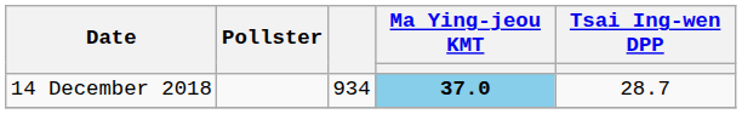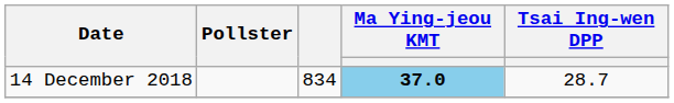 <table class="wikitable sortable collapsible" style="font-size:95%; text-align:center">
 <tr>
 <th rowspan=2>Date</th>
 <th rowspan=2>Pollster</th>
 <th rowspan=2></th>
 <th width=100px><a href='#'>Ma Ying-jeou</a><br><a href='#'>KMT</a></th>
 <th width=100px><a href='#'>Tsai Ing-wen</a><br><a href='#'>DPP</a></th>
 </tr>
 <tr>
 <th style="background:"></th>
 <th style="background:"></th>
 </tr>
 <tr>
 <td>14 December 2018</td>
 <td></td>
-<td>934</td>
+<td>834</td>
 <td style="background-color:skyblue;"><strong>37.0</strong></td>
 <td>28.7</td>
 </tr>
 <tr>
 </tr>
 </table>
